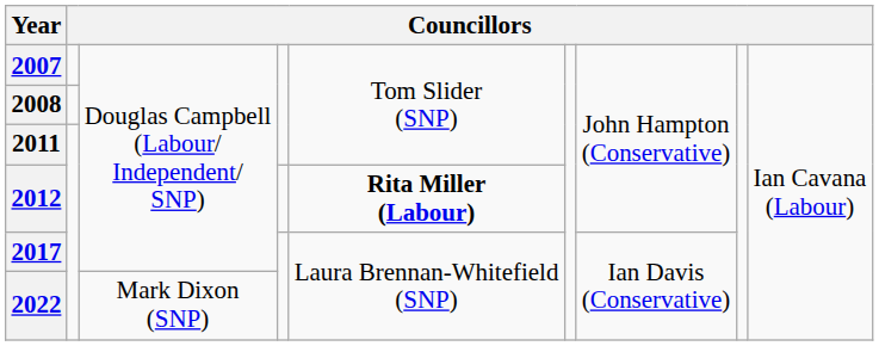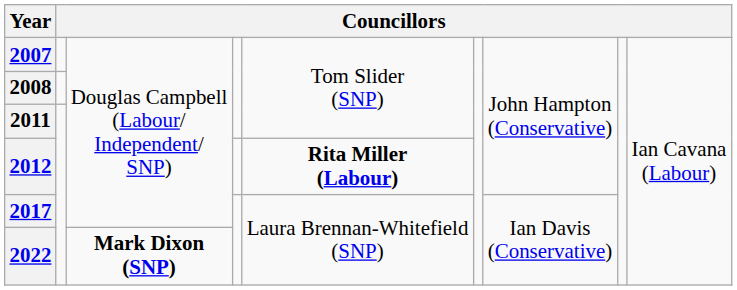 <table class="wikitable" style="text-align:center">
 <tr>
 <th>Year</th>
 <th colspan=8>Councillors</th>
 </tr>
 <tr>
 <th><a href='#'>2007</a></th>
 <td style="background-color: "></td>
 <td rowspan=5>Douglas Campbell<br>(<a href='#'>Labour</a>/<br><a href='#'>Independent</a>/<br><a href='#'>SNP</a>)</td>
 <td rowspan=3; style="background-color: "></td>
 <td rowspan=3>Tom Slider<br>(<a href='#'>SNP</a>)</td>
 <td rowspan=6; style="background-color: "></td>
 <td rowspan=4>John Hampton<br>(<a href='#'>Conservative</a>)</td>
 <td rowspan=6; style="background-color: "></td>
 <td rowspan=6>Ian Cavana<br>(<a href='#'>Labour</a>)</td>
 </tr>
 <tr>
 <th>2008</th>
 <td style="background-color: "></td>
 </tr>
 <tr>
 <th>2011</th>
 <td rowspan=4; style="background-color: "></td>
 </tr>
 <tr>
 <th><a href='#'>2012</a></th>
 <td style="background-color: "></td>
 <td><strong>Rita Miller<br>(<a href='#'>Labour</a>)</strong></td>
 </tr>
 <tr>
 <th><a href='#'>2017</a></th>
 <td rowspan=2; style="background-color: "></td>
 <td rowspan=2>Laura Brennan-Whitefield<br>(<a href='#'>SNP</a>)</td>
 <td rowspan=2>Ian Davis<br>(<a href='#'>Conservative</a>)</td>
 </tr>
 <tr>
 <th><a href='#'>2022</a></th>
-<td>Mark Dixon<br>(<a href='#'>SNP</a>)</td>
+<td><strong>Mark Dixon<br>(<a href='#'>SNP</a>)</strong></td>
 </tr>
 </table>
